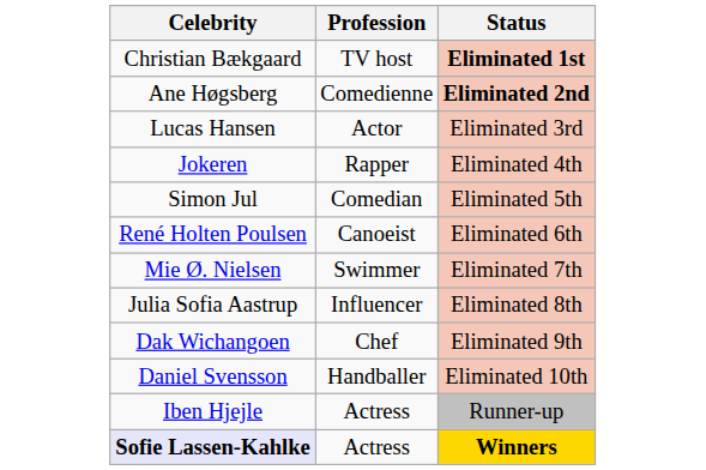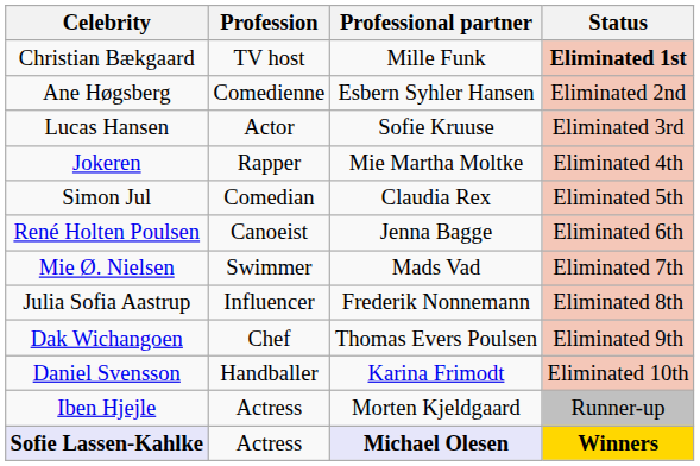 <table class= "wikitable sortable" style="text-align: center; margin:auto; align: center">
 <tr>
 <th>Celebrity</th>
 <th>Profession</th>
+<th>Professional partner</th>
 <th>Status</th>
 </tr>
 <tr>
 <td>Christian Bækgaard</td>
 <td>TV host</td>
+<td>Mille Funk</td>
 <td style="background:#f4c7b8;"><strong>Eliminated 1st</strong></td>
 </tr>
 <tr>
 <td>Ane Høgsberg</td>
 <td>Comedienne</td>
-<td style="background:#f4c7b8;"><strong>Eliminated 2nd</strong></td>
+<td>Esbern Syhler Hansen</td>
+<td style="background:#f4c7b8;">Eliminated 2nd</td>
 </tr>
 <tr>
 <td>Lucas Hansen</td>
 <td>Actor</td>
+<td>Sofie Kruuse</td>
 <td style="background:#f4c7b8;">Eliminated 3rd</td>
 </tr>
 <tr>
 <td><a href='#'>Jokeren</a></td>
 <td>Rapper</td>
+<td>Mie Martha Moltke</td>
 <td style="background:#f4c7b8;">Eliminated 4th</td>
 </tr>
 <tr>
 <td>Simon Jul</td>
 <td>Comedian</td>
+<td>Claudia Rex</td>
 <td style="background:#f4c7b8;">Eliminated 5th</td>
 </tr>
 <tr>
 <td><a href='#'>René Holten Poulsen</a></td>
 <td>Canoeist</td>
+<td>Jenna Bagge</td>
 <td style="background:#f4c7b8;">Eliminated 6th</td>
 </tr>
 <tr>
 <td><a href='#'>Mie Ø. Nielsen</a></td>
 <td>Swimmer</td>
+<td>Mads Vad</td>
 <td style="background:#f4c7b8;">Eliminated 7th</td>
 </tr>
 <tr>
 <td>Julia Sofia Aastrup</td>
 <td>Influencer</td>
+<td>Frederik Nonnemann</td>
 <td style="background:#f4c7b8;">Eliminated 8th</td>
 </tr>
 <tr>
 <td><a href='#'>Dak Wichangoen</a></td>
 <td>Chef</td>
+<td>Thomas Evers Poulsen</td>
 <td style="background:#f4c7b8;">Eliminated 9th</td>
 </tr>
 <tr>
 <td><a href='#'>Daniel Svensson</a></td>
 <td>Handballer</td>
+<td><a href='#'>Karina Frimodt</a></td>
 <td style="background:#f4c7b8;">Eliminated 10th</td>
 </tr>
 <tr>
 <td><a href='#'>Iben Hjejle</a></td>
 <td>Actress</td>
+<td>Morten Kjeldgaard</td>
 <td style="background:silver;">Runner-up</td>
 </tr>
 <tr>
 <td style="background:lavender;"><strong>Sofie Lassen-Kahlke</strong></td>
 <td>Actress</td>
+<td style="background:lavender;"><strong>Michael Olesen</strong></td>
 <td style="background:gold;"><strong>Winners</strong></td>
 </tr>
 </table>
